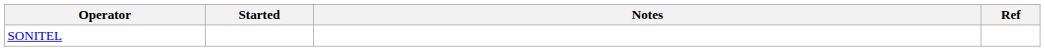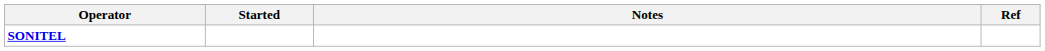 <table class="wikitable" style="background: #FFFFFF; width: 100%; white-space: normal;">
 <tr>
 <th scope="col" width="100px">Operator</th>
 <th scope="col" width="20px">Started</th>
 <th scope="col" width="350px">Notes</th>
 <th scope="col" width="20px">Ref</th>
 </tr>
 <tr>
-<td><a href='#'>SONITEL</a></td>
+<td><strong><a href='#'>SONITEL</a></strong></td>
 <td></td>
 <td></td>
 </tr>
 </table>
